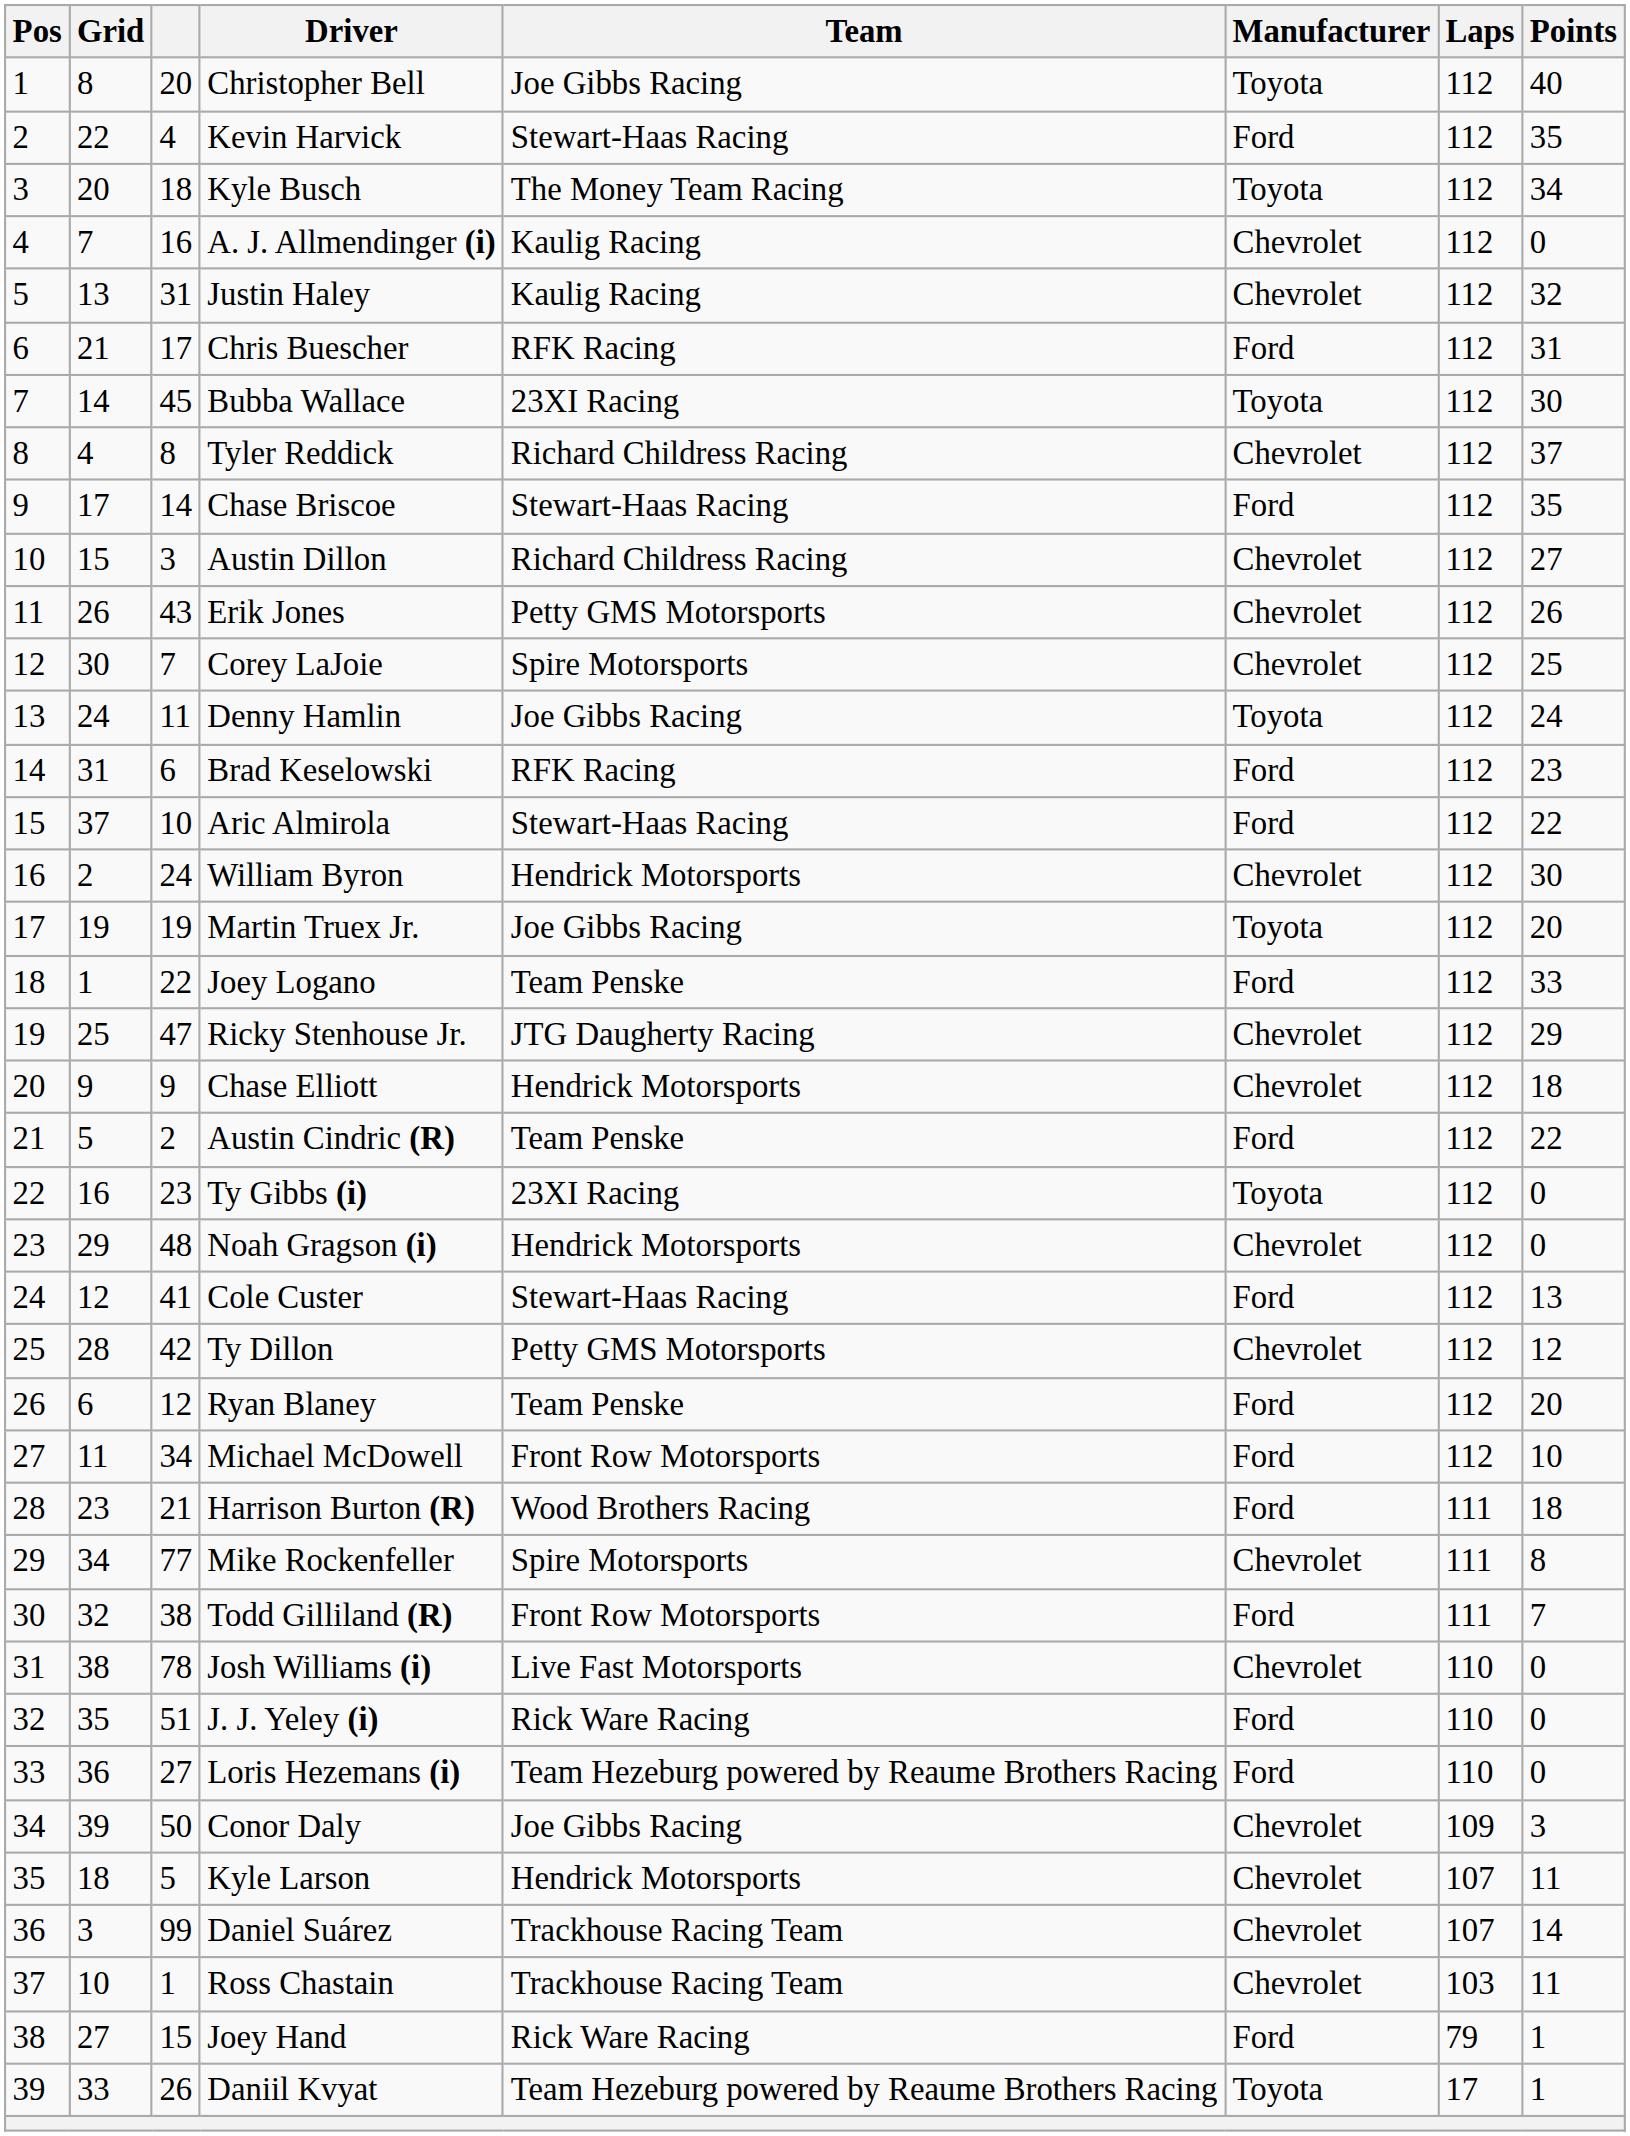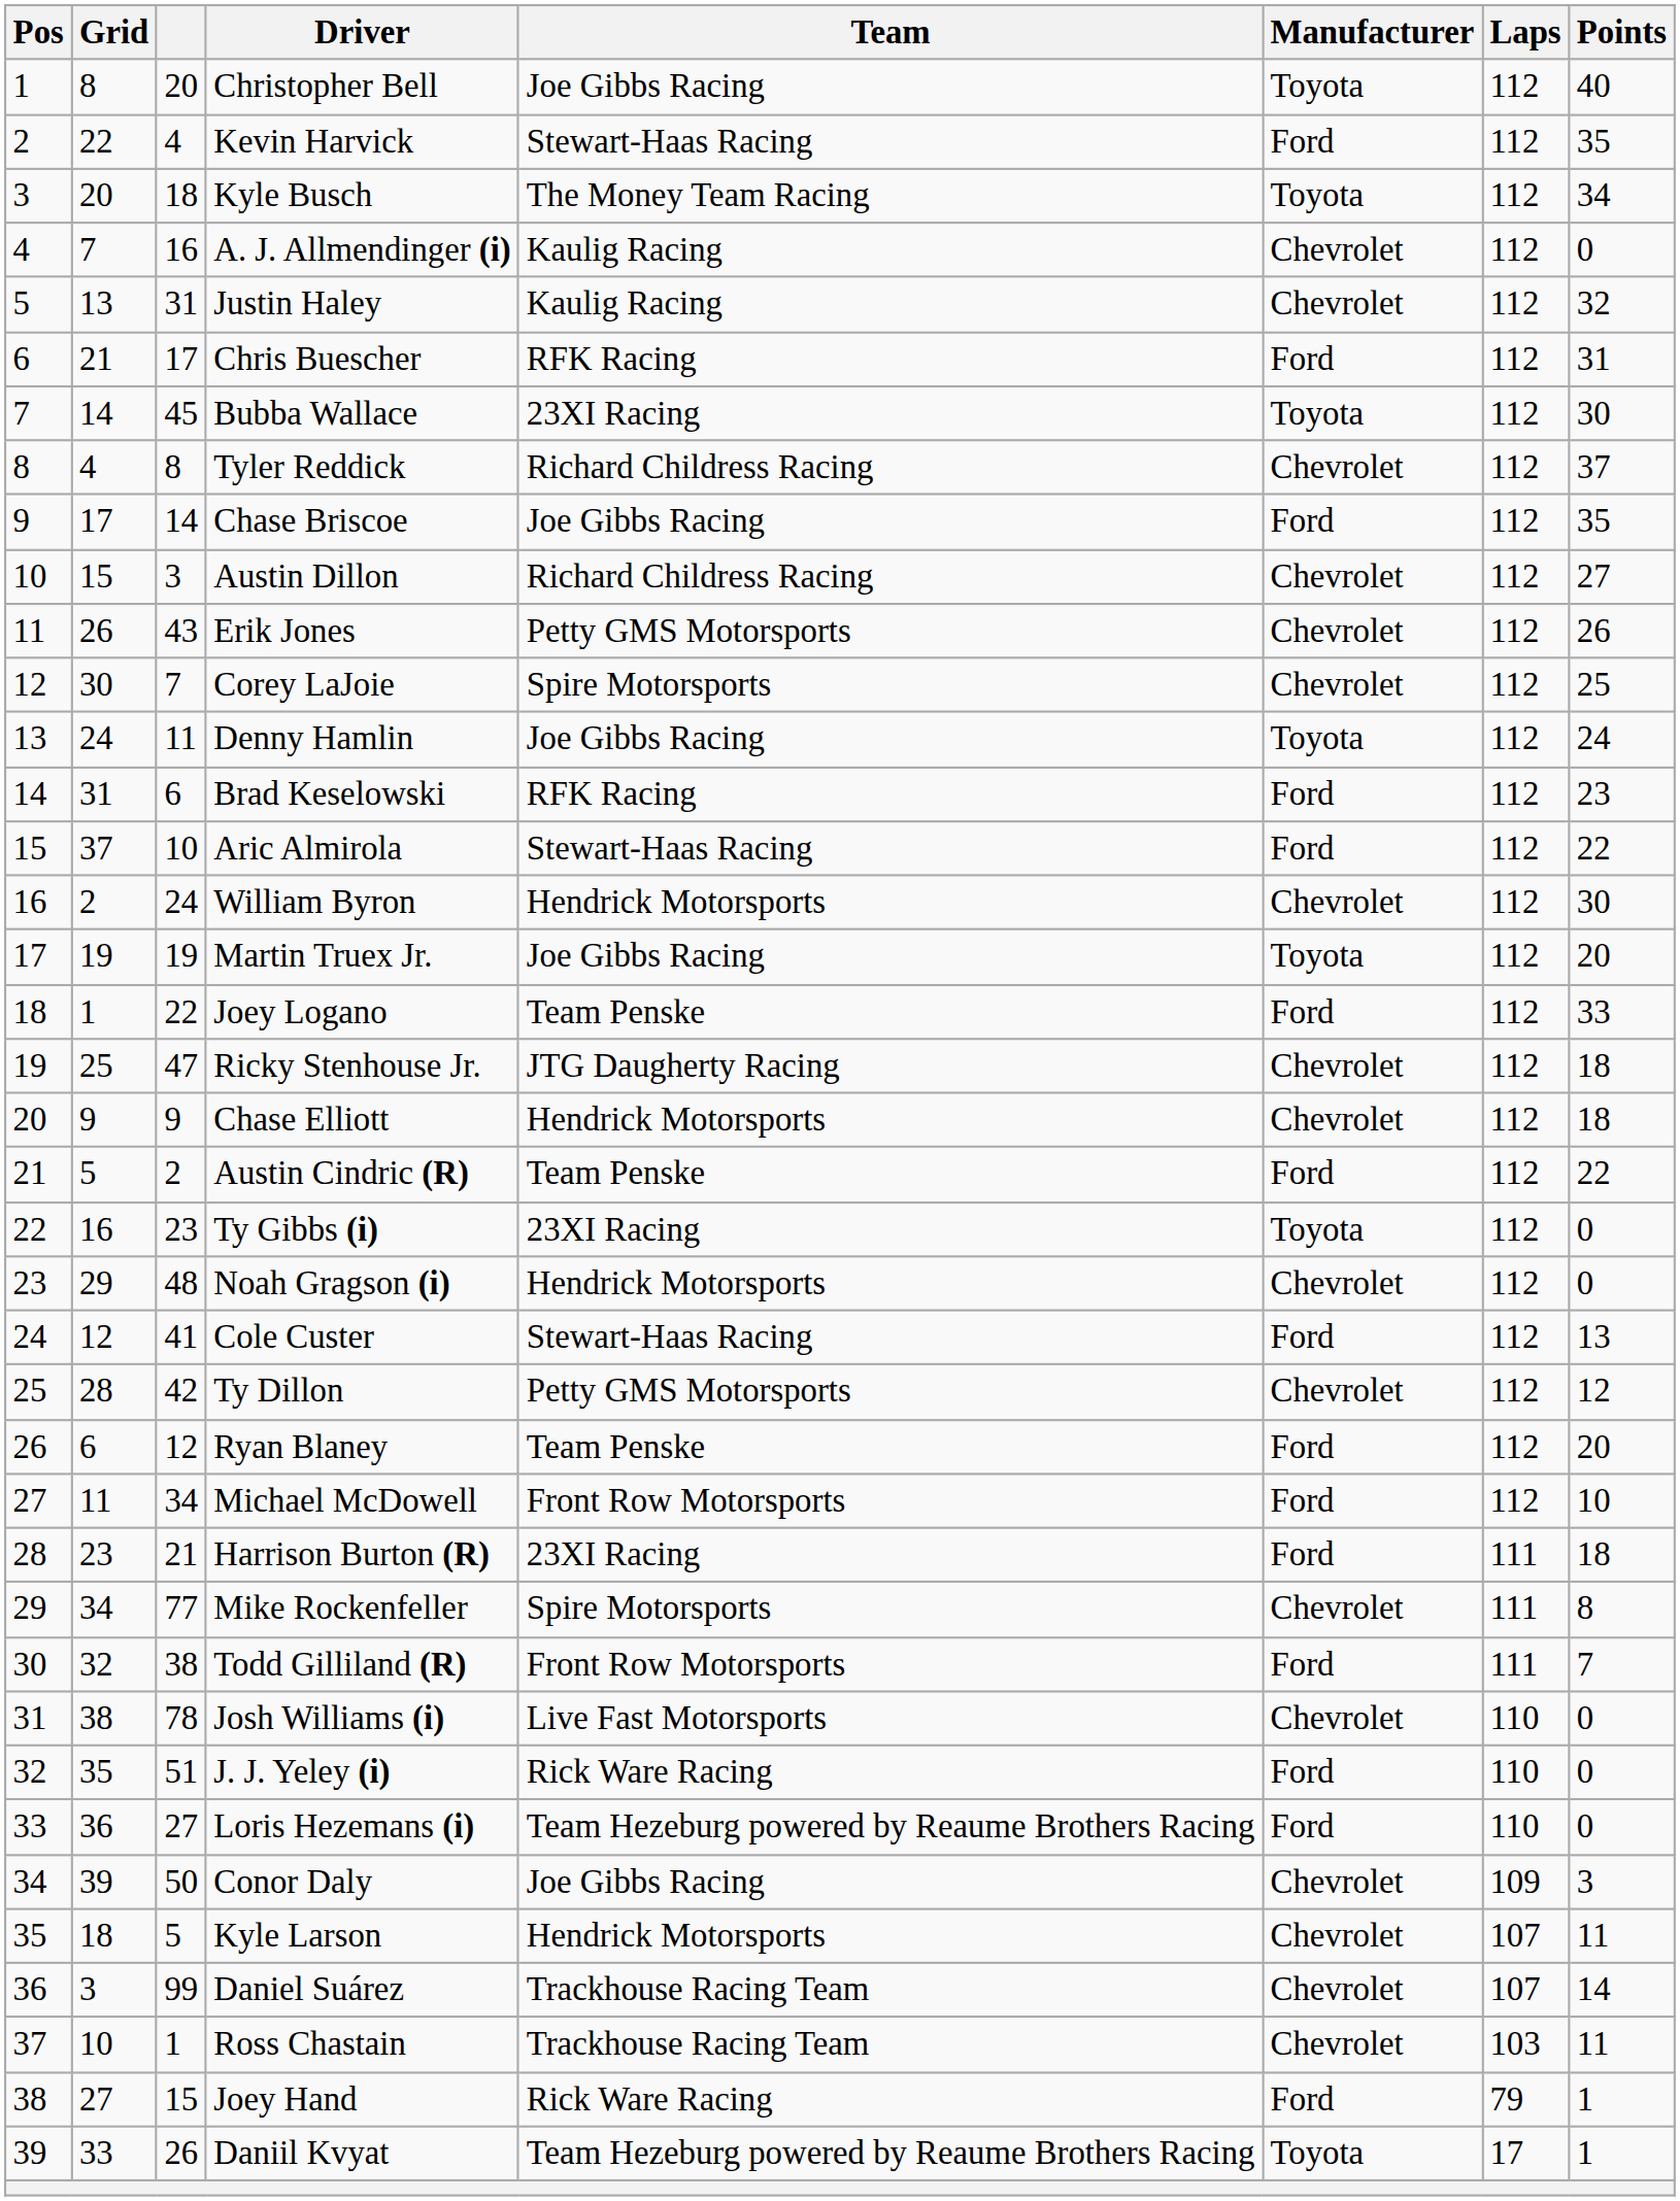 <table class="wikitable" style="font-size:98%">
 <tr>
 <th>Pos</th>
 <th>Grid</th>
 <th></th>
 <th>Driver</th>
 <th>Team</th>
 <th>Manufacturer</th>
 <th>Laps</th>
 <th>Points</th>
 </tr>
 <tr>
 <td>1</td>
 <td>8</td>
 <td>20</td>
 <td>Christopher Bell</td>
 <td>Joe Gibbs Racing</td>
 <td>Toyota</td>
 <td>112</td>
 <td>40</td>
 </tr>
 <tr>
 <td>2</td>
 <td>22</td>
 <td>4</td>
 <td>Kevin Harvick</td>
 <td>Stewart-Haas Racing</td>
 <td>Ford</td>
 <td>112</td>
 <td>35</td>
 </tr>
 <tr>
 <td>3</td>
 <td>20</td>
 <td>18</td>
 <td>Kyle Busch</td>
 <td>The Money Team Racing</td>
 <td>Toyota</td>
 <td>112</td>
 <td>34</td>
 </tr>
 <tr>
 <td>4</td>
 <td>7</td>
 <td>16</td>
 <td>A. J. Allmendinger <strong>(i)</strong></td>
 <td>Kaulig Racing</td>
 <td>Chevrolet</td>
 <td>112</td>
 <td>0</td>
 </tr>
 <tr>
 <td>5</td>
 <td>13</td>
 <td>31</td>
 <td>Justin Haley</td>
 <td>Kaulig Racing</td>
 <td>Chevrolet</td>
 <td>112</td>
 <td>32</td>
 </tr>
 <tr>
 <td>6</td>
 <td>21</td>
 <td>17</td>
 <td>Chris Buescher</td>
 <td>RFK Racing</td>
 <td>Ford</td>
 <td>112</td>
 <td>31</td>
 </tr>
 <tr>
 <td>7</td>
 <td>14</td>
 <td>45</td>
 <td>Bubba Wallace</td>
 <td>23XI Racing</td>
 <td>Toyota</td>
 <td>112</td>
 <td>30</td>
 </tr>
 <tr>
 <td>8</td>
 <td>4</td>
 <td>8</td>
 <td>Tyler Reddick</td>
 <td>Richard Childress Racing</td>
 <td>Chevrolet</td>
 <td>112</td>
 <td>37</td>
 </tr>
 <tr>
 <td>9</td>
 <td>17</td>
 <td>14</td>
 <td>Chase Briscoe</td>
-<td>Stewart-Haas Racing</td>
+<td>Joe Gibbs Racing</td>
 <td>Ford</td>
 <td>112</td>
 <td>35</td>
 </tr>
 <tr>
 <td>10</td>
 <td>15</td>
 <td>3</td>
 <td>Austin Dillon</td>
 <td>Richard Childress Racing</td>
 <td>Chevrolet</td>
 <td>112</td>
 <td>27</td>
 </tr>
 <tr>
 <td>11</td>
 <td>26</td>
 <td>43</td>
 <td>Erik Jones</td>
 <td>Petty GMS Motorsports</td>
 <td>Chevrolet</td>
 <td>112</td>
 <td>26</td>
 </tr>
 <tr>
 <td>12</td>
 <td>30</td>
 <td>7</td>
 <td>Corey LaJoie</td>
 <td>Spire Motorsports</td>
 <td>Chevrolet</td>
 <td>112</td>
 <td>25</td>
 </tr>
 <tr>
 <td>13</td>
 <td>24</td>
 <td>11</td>
 <td>Denny Hamlin</td>
 <td>Joe Gibbs Racing</td>
 <td>Toyota</td>
 <td>112</td>
 <td>24</td>
 </tr>
 <tr>
 <td>14</td>
 <td>31</td>
 <td>6</td>
 <td>Brad Keselowski</td>
 <td>RFK Racing</td>
 <td>Ford</td>
 <td>112</td>
 <td>23</td>
 </tr>
 <tr>
 <td>15</td>
 <td>37</td>
 <td>10</td>
 <td>Aric Almirola</td>
 <td>Stewart-Haas Racing</td>
 <td>Ford</td>
 <td>112</td>
 <td>22</td>
 </tr>
 <tr>
 <td>16</td>
 <td>2</td>
 <td>24</td>
 <td>William Byron</td>
 <td>Hendrick Motorsports</td>
 <td>Chevrolet</td>
 <td>112</td>
 <td>30</td>
 </tr>
 <tr>
 <td>17</td>
 <td>19</td>
 <td>19</td>
 <td>Martin Truex Jr.</td>
 <td>Joe Gibbs Racing</td>
 <td>Toyota</td>
 <td>112</td>
 <td>20</td>
 </tr>
 <tr>
 <td>18</td>
 <td>1</td>
 <td>22</td>
 <td>Joey Logano</td>
 <td>Team Penske</td>
 <td>Ford</td>
 <td>112</td>
 <td>33</td>
 </tr>
 <tr>
 <td>19</td>
 <td>25</td>
 <td>47</td>
 <td>Ricky Stenhouse Jr.</td>
 <td>JTG Daugherty Racing</td>
 <td>Chevrolet</td>
 <td>112</td>
-<td>29</td>
+<td>18</td>
 </tr>
 <tr>
 <td>20</td>
 <td>9</td>
 <td>9</td>
 <td>Chase Elliott</td>
 <td>Hendrick Motorsports</td>
 <td>Chevrolet</td>
 <td>112</td>
 <td>18</td>
 </tr>
 <tr>
 <td>21</td>
 <td>5</td>
 <td>2</td>
 <td>Austin Cindric <strong>(R)</strong></td>
 <td>Team Penske</td>
 <td>Ford</td>
 <td>112</td>
 <td>22</td>
 </tr>
 <tr>
 <td>22</td>
 <td>16</td>
 <td>23</td>
 <td>Ty Gibbs <strong>(i)</strong></td>
 <td>23XI Racing</td>
 <td>Toyota</td>
 <td>112</td>
 <td>0</td>
 </tr>
 <tr>
 <td>23</td>
 <td>29</td>
 <td>48</td>
 <td>Noah Gragson <strong>(i)</strong></td>
 <td>Hendrick Motorsports</td>
 <td>Chevrolet</td>
 <td>112</td>
 <td>0</td>
 </tr>
 <tr>
 <td>24</td>
 <td>12</td>
 <td>41</td>
 <td>Cole Custer</td>
 <td>Stewart-Haas Racing</td>
 <td>Ford</td>
 <td>112</td>
 <td>13</td>
 </tr>
 <tr>
 <td>25</td>
 <td>28</td>
 <td>42</td>
 <td>Ty Dillon</td>
 <td>Petty GMS Motorsports</td>
 <td>Chevrolet</td>
 <td>112</td>
 <td>12</td>
 </tr>
 <tr>
 <td>26</td>
 <td>6</td>
 <td>12</td>
 <td>Ryan Blaney</td>
 <td>Team Penske</td>
 <td>Ford</td>
 <td>112</td>
 <td>20</td>
 </tr>
 <tr>
 <td>27</td>
 <td>11</td>
 <td>34</td>
 <td>Michael McDowell</td>
 <td>Front Row Motorsports</td>
 <td>Ford</td>
 <td>112</td>
 <td>10</td>
 </tr>
 <tr>
 <td>28</td>
 <td>23</td>
 <td>21</td>
 <td>Harrison Burton <strong>(R)</strong></td>
-<td>Wood Brothers Racing</td>
+<td>23XI Racing</td>
 <td>Ford</td>
 <td>111</td>
 <td>18</td>
 </tr>
 <tr>
 <td>29</td>
 <td>34</td>
 <td>77</td>
 <td>Mike Rockenfeller</td>
 <td>Spire Motorsports</td>
 <td>Chevrolet</td>
 <td>111</td>
 <td>8</td>
 </tr>
 <tr>
 <td>30</td>
 <td>32</td>
 <td>38</td>
 <td>Todd Gilliland <strong>(R)</strong></td>
 <td>Front Row Motorsports</td>
 <td>Ford</td>
 <td>111</td>
 <td>7</td>
 </tr>
 <tr>
 <td>31</td>
 <td>38</td>
 <td>78</td>
 <td>Josh Williams <strong>(i)</strong></td>
 <td>Live Fast Motorsports</td>
 <td>Chevrolet</td>
 <td>110</td>
 <td>0</td>
 </tr>
 <tr>
 <td>32</td>
 <td>35</td>
 <td>51</td>
 <td>J. J. Yeley <strong>(i)</strong></td>
 <td>Rick Ware Racing</td>
 <td>Ford</td>
 <td>110</td>
 <td>0</td>
 </tr>
 <tr>
 <td>33</td>
 <td>36</td>
 <td>27</td>
 <td>Loris Hezemans <strong>(i)</strong></td>
 <td>Team Hezeburg powered by Reaume Brothers Racing</td>
 <td>Ford</td>
 <td>110</td>
 <td>0</td>
 </tr>
 <tr>
 <td>34</td>
 <td>39</td>
 <td>50</td>
 <td>Conor Daly</td>
 <td>Joe Gibbs Racing</td>
 <td>Chevrolet</td>
 <td>109</td>
 <td>3</td>
 </tr>
 <tr>
 <td>35</td>
 <td>18</td>
 <td>5</td>
 <td>Kyle Larson</td>
 <td>Hendrick Motorsports</td>
 <td>Chevrolet</td>
 <td>107</td>
 <td>11</td>
 </tr>
 <tr>
 <td>36</td>
 <td>3</td>
 <td>99</td>
 <td>Daniel Suárez</td>
 <td>Trackhouse Racing Team</td>
 <td>Chevrolet</td>
 <td>107</td>
 <td>14</td>
 </tr>
 <tr>
 <td>37</td>
 <td>10</td>
 <td>1</td>
 <td>Ross Chastain</td>
 <td>Trackhouse Racing Team</td>
 <td>Chevrolet</td>
 <td>103</td>
 <td>11</td>
 </tr>
 <tr>
 <td>38</td>
 <td>27</td>
 <td>15</td>
 <td>Joey Hand</td>
 <td>Rick Ware Racing</td>
 <td>Ford</td>
 <td>79</td>
 <td>1</td>
 </tr>
 <tr>
 <td>39</td>
 <td>33</td>
 <td>26</td>
 <td>Daniil Kvyat</td>
 <td>Team Hezeburg powered by Reaume Brothers Racing</td>
 <td>Toyota</td>
 <td>17</td>
 <td>1</td>
 </tr>
 <tr>
 <th colspan="8"></th>
 </tr>
 </table>
